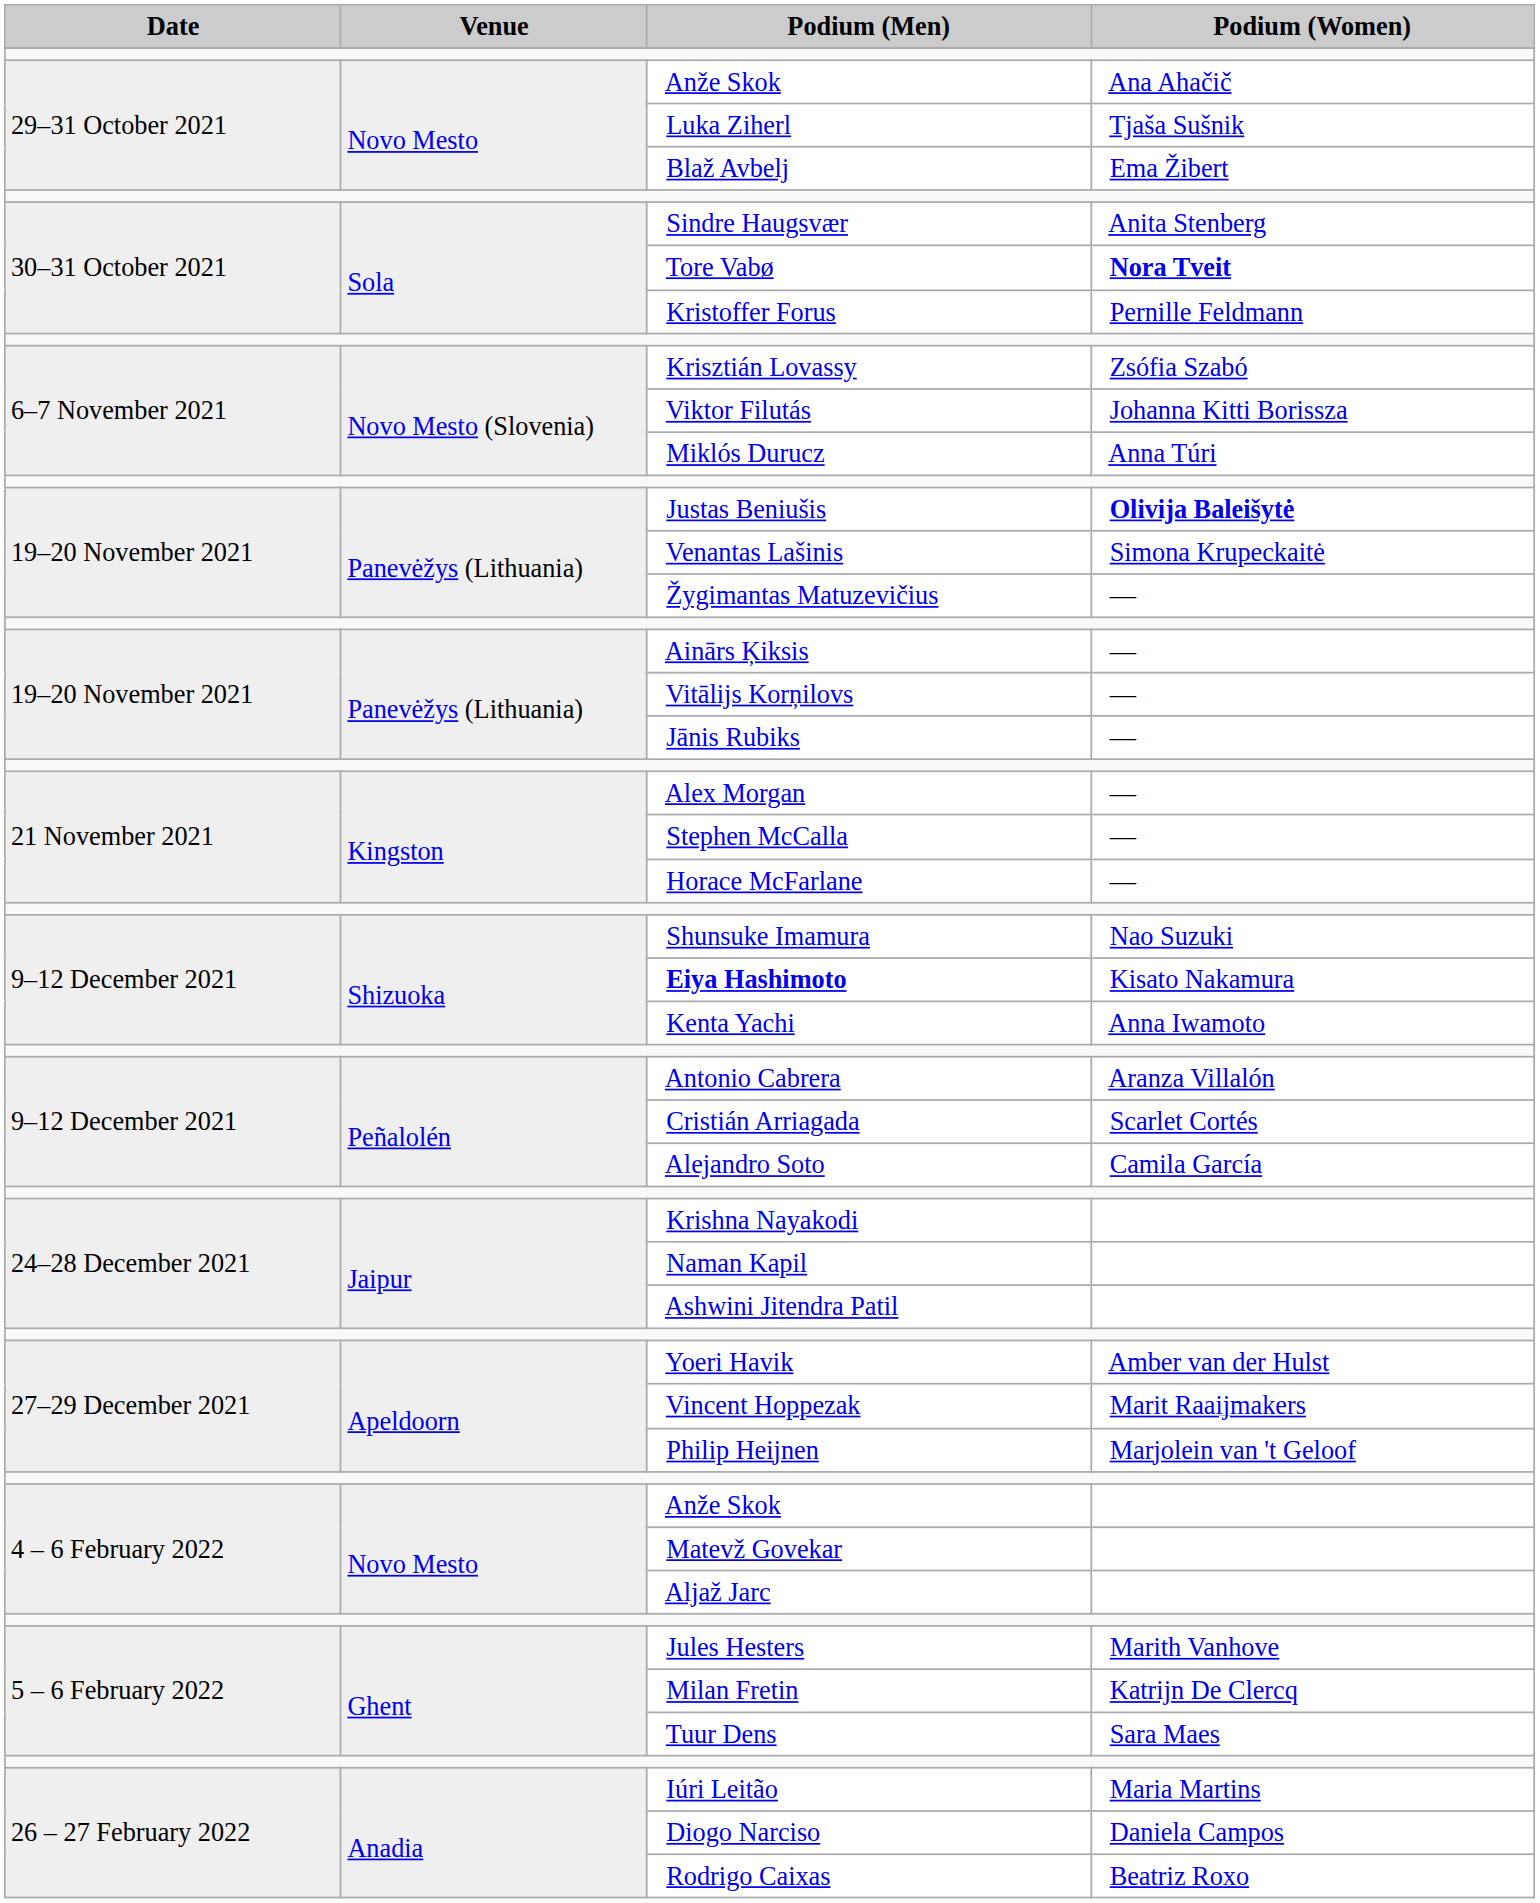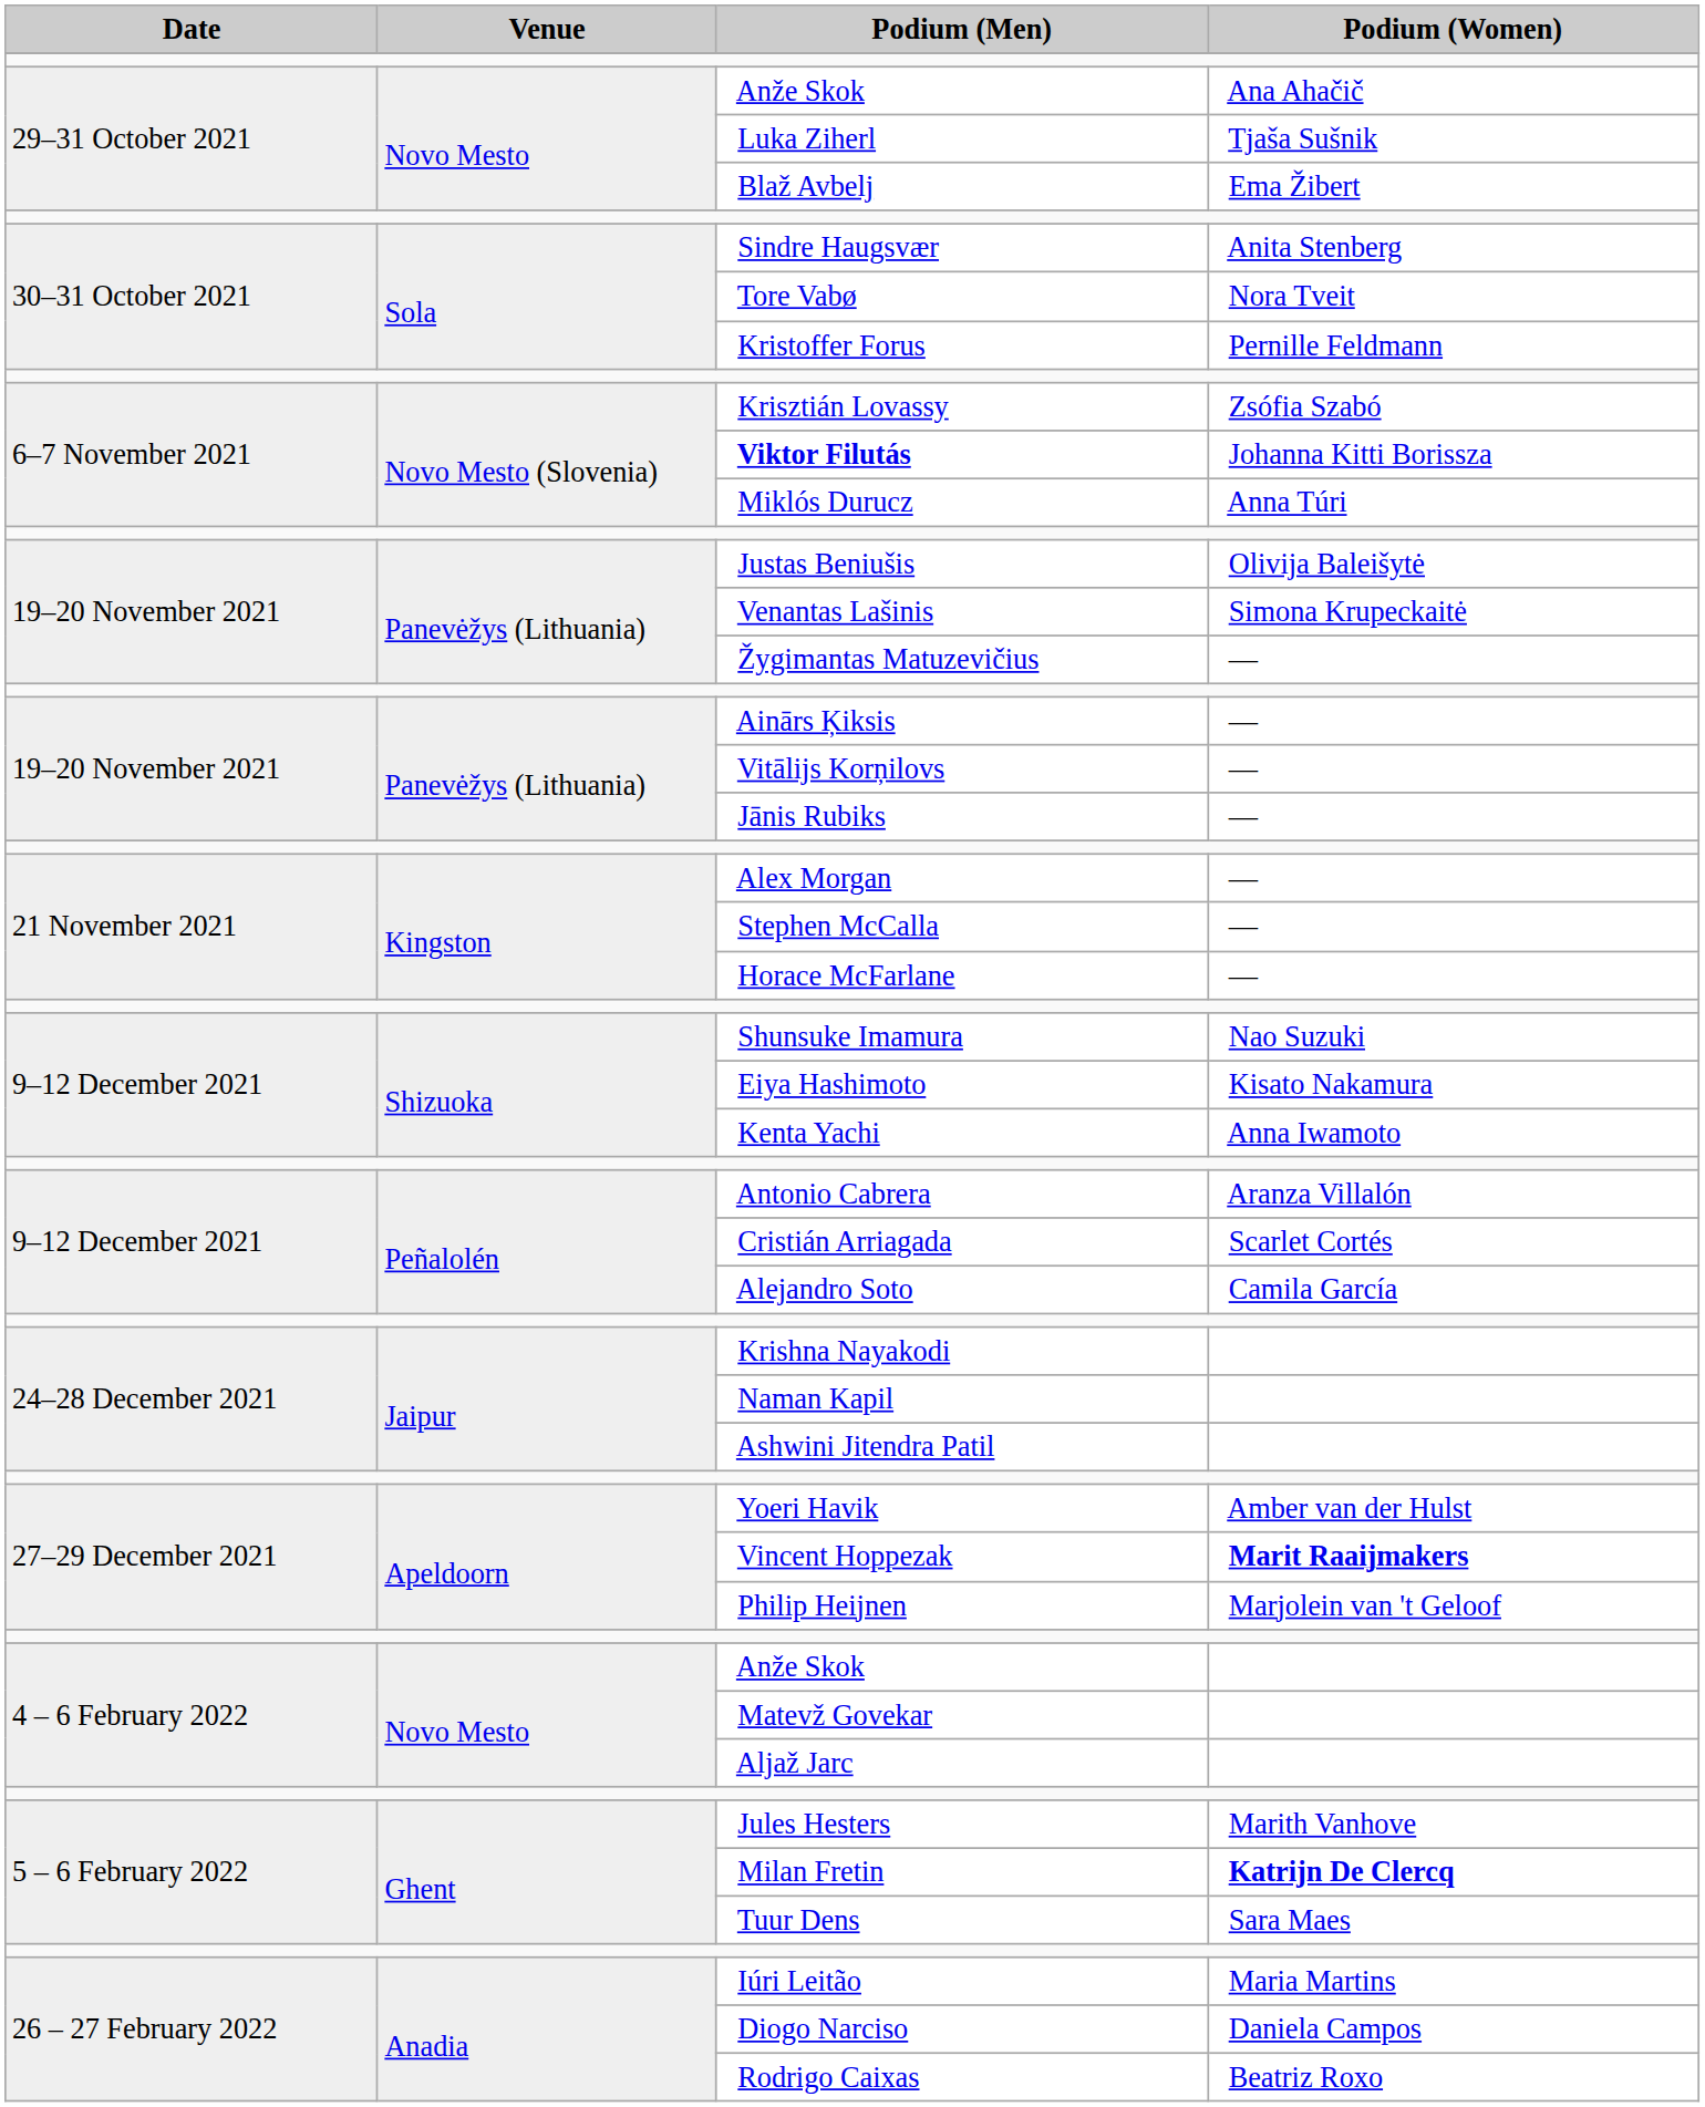 <table class="wikitable" width=70% bgcolor="#f7f8ff" cellpadding="3" cellspacing="0" border="1" style="font-size: 95%; border: gray solid 1px; border-collapse: collapse;">
 <tr bgcolor="#CCCCCC">
 <td align="center"><strong>Date</strong></td>
 <td width=20% align="center"><strong>Venue</strong></td>
 <td width=29% align="center"><strong>Podium (Men)</strong></td>
 <td width=29% align="center"><strong>Podium (Women)</strong></td>
 </tr>
 <tr bgcolor="#EFEFEF">
 </tr>
 <tr>
 <td colspan=4></td>
 </tr>
 <tr bgcolor="#EFEFEF">
 <td rowspan=3>29–31 October 2021</td>
 <td rowspan=3><br><a href='#'>Novo Mesto</a></td>
 <td bgcolor="#ffffff">   <a href='#'>Anže Skok</a></td>
 <td bgcolor="#ffffff">   <a href='#'>Ana Ahačič</a></td>
 </tr>
 <tr>
 <td bgcolor="#ffffff">   <a href='#'>Luka Ziherl</a></td>
 <td bgcolor="#ffffff">   <a href='#'>Tjaša Sušnik</a></td>
 </tr>
 <tr>
 <td bgcolor="#ffffff">   <a href='#'>Blaž Avbelj</a></td>
 <td bgcolor="#ffffff">   <a href='#'>Ema Žibert</a></td>
 </tr>
 <tr>
 <td colspan=4></td>
 </tr>
 <tr bgcolor="#EFEFEF">
 <td rowspan=3>30–31 October 2021</td>
 <td rowspan=3><br><a href='#'>Sola</a></td>
 <td bgcolor="#ffffff">   <a href='#'>Sindre Haugsvær</a></td>
 <td bgcolor="#ffffff">   <a href='#'>Anita Stenberg</a></td>
 </tr>
 <tr>
 <td bgcolor="#ffffff">   <a href='#'>Tore Vabø</a></td>
-<td bgcolor="#ffffff"><strong>   <a href='#'>Nora Tveit</a></strong></td>
+<td bgcolor="#ffffff">   <a href='#'>Nora Tveit</a></td>
 </tr>
 <tr>
 <td bgcolor="#ffffff">   <a href='#'>Kristoffer Forus</a></td>
 <td bgcolor="#ffffff">   <a href='#'>Pernille Feldmann</a></td>
 </tr>
 <tr>
 <td colspan=4></td>
 </tr>
 <tr bgcolor="#EFEFEF">
 <td rowspan=3>6–7 November 2021</td>
 <td rowspan=3><br><a href='#'>Novo Mesto</a> (Slovenia)</td>
 <td bgcolor="#ffffff">   <a href='#'>Krisztián Lovassy</a></td>
 <td bgcolor="#ffffff">   <a href='#'>Zsófia Szabó</a></td>
 </tr>
 <tr>
-<td bgcolor="#ffffff">   <a href='#'>Viktor Filutás</a></td>
+<td bgcolor="#ffffff"><strong>   <a href='#'>Viktor Filutás</a></strong></td>
 <td bgcolor="#ffffff">   <a href='#'>Johanna Kitti Borissza</a></td>
 </tr>
 <tr>
 <td bgcolor="#ffffff">   <a href='#'>Miklós Durucz</a></td>
 <td bgcolor="#ffffff">   <a href='#'>Anna Túri</a></td>
 </tr>
 <tr>
 <td colspan=4></td>
 </tr>
 <tr bgcolor="#EFEFEF">
 <td rowspan=3>19–20 November 2021</td>
 <td rowspan=3><br><a href='#'>Panevėžys</a> (Lithuania)</td>
 <td bgcolor="#ffffff">   <a href='#'>Justas Beniušis</a></td>
-<td bgcolor="#ffffff"><strong>   <a href='#'>Olivija Baleišytė</a></strong></td>
+<td bgcolor="#ffffff">   <a href='#'>Olivija Baleišytė</a></td>
 </tr>
 <tr>
 <td bgcolor="#ffffff">   <a href='#'>Venantas Lašinis</a></td>
 <td bgcolor="#ffffff">   <a href='#'>Simona Krupeckaitė</a></td>
 </tr>
 <tr>
 <td bgcolor="#ffffff">   <a href='#'>Žygimantas Matuzevičius</a></td>
 <td bgcolor="#ffffff">   —</td>
 </tr>
 <tr>
 <td colspan=4></td>
 </tr>
 <tr bgcolor="#EFEFEF">
 <td rowspan=3>19–20 November 2021</td>
 <td rowspan=3><br><a href='#'>Panevėžys</a> (Lithuania)</td>
 <td bgcolor="#ffffff">   <a href='#'>Ainārs Ķiksis</a></td>
 <td bgcolor="#ffffff">   —</td>
 </tr>
 <tr>
 <td bgcolor="#ffffff">   <a href='#'>Vitālijs Korņilovs</a></td>
 <td bgcolor="#ffffff">   —</td>
 </tr>
 <tr>
 <td bgcolor="#ffffff">   <a href='#'>Jānis Rubiks</a></td>
 <td bgcolor="#ffffff">   —</td>
 </tr>
 <tr>
 <td colspan=4></td>
 </tr>
 <tr bgcolor="#EFEFEF">
 <td rowspan=3>21 November 2021</td>
 <td rowspan=3><br><a href='#'>Kingston</a></td>
 <td bgcolor="#ffffff">   <a href='#'>Alex Morgan</a></td>
 <td bgcolor="#ffffff">   —</td>
 </tr>
 <tr>
 <td bgcolor="#ffffff">   <a href='#'>Stephen McCalla</a></td>
 <td bgcolor="#ffffff">   —</td>
 </tr>
 <tr>
 <td bgcolor="#ffffff">   <a href='#'>Horace McFarlane</a></td>
 <td bgcolor="#ffffff">   —</td>
 </tr>
 <tr>
 <td colspan=4></td>
 </tr>
 <tr bgcolor="#EFEFEF">
 <td rowspan=3>9–12 December 2021</td>
 <td rowspan=3><br><a href='#'>Shizuoka</a></td>
 <td bgcolor="#ffffff">   <a href='#'>Shunsuke Imamura</a></td>
 <td bgcolor="#ffffff">   <a href='#'>Nao Suzuki</a></td>
 </tr>
 <tr>
-<td bgcolor="#ffffff"><strong>   <a href='#'>Eiya Hashimoto</a></strong></td>
+<td bgcolor="#ffffff">   <a href='#'>Eiya Hashimoto</a></td>
 <td bgcolor="#ffffff">   <a href='#'>Kisato Nakamura</a></td>
 </tr>
 <tr>
 <td bgcolor="#ffffff">   <a href='#'>Kenta Yachi</a></td>
 <td bgcolor="#ffffff">   <a href='#'>Anna Iwamoto</a></td>
 </tr>
 <tr>
 <td colspan=4></td>
 </tr>
 <tr bgcolor="#EFEFEF">
 <td rowspan=3>9–12 December 2021</td>
 <td rowspan=3><br><a href='#'>Peñalolén</a></td>
 <td bgcolor="#ffffff">   <a href='#'>Antonio Cabrera</a></td>
 <td bgcolor="#ffffff">   <a href='#'>Aranza Villalón</a></td>
 </tr>
 <tr>
 <td bgcolor="#ffffff">   <a href='#'>Cristián Arriagada</a></td>
 <td bgcolor="#ffffff">   <a href='#'>Scarlet Cortés</a></td>
 </tr>
 <tr>
 <td bgcolor="#ffffff">   <a href='#'>Alejandro Soto</a></td>
 <td bgcolor="#ffffff">   <a href='#'>Camila García</a></td>
 </tr>
 <tr>
 <td colspan=4></td>
 </tr>
 <tr bgcolor="#EFEFEF">
 <td rowspan=3>24–28 December 2021</td>
 <td rowspan=3><br><a href='#'>Jaipur</a></td>
 <td bgcolor="#ffffff">   <a href='#'>Krishna Nayakodi</a></td>
 <td bgcolor="#ffffff">  </td>
 </tr>
 <tr>
 <td bgcolor="#ffffff">   <a href='#'>Naman Kapil</a></td>
 <td bgcolor="#ffffff">  </td>
 </tr>
 <tr>
 <td bgcolor="#ffffff">   <a href='#'>Ashwini Jitendra Patil</a></td>
 <td bgcolor="#ffffff">  </td>
 </tr>
 <tr>
 <td colspan=4></td>
 </tr>
 <tr bgcolor="#EFEFEF">
 <td rowspan=3>27–29 December 2021</td>
 <td rowspan=3><br><a href='#'>Apeldoorn</a></td>
 <td bgcolor="#ffffff">   <a href='#'>Yoeri Havik</a></td>
 <td bgcolor="#ffffff">   <a href='#'>Amber van der Hulst</a></td>
 </tr>
 <tr>
 <td bgcolor="#ffffff">   <a href='#'>Vincent Hoppezak</a></td>
-<td bgcolor="#ffffff">   <a href='#'>Marit Raaijmakers</a></td>
+<td bgcolor="#ffffff"><strong>   <a href='#'>Marit Raaijmakers</a></strong></td>
 </tr>
 <tr>
 <td bgcolor="#ffffff">   <a href='#'>Philip Heijnen</a></td>
 <td bgcolor="#ffffff">   <a href='#'>Marjolein van 't Geloof</a></td>
 </tr>
 <tr>
 <td colspan=4></td>
 </tr>
 <tr bgcolor="#EFEFEF">
 <td rowspan=3>4 – 6 February 2022</td>
 <td rowspan=3><br><a href='#'>Novo Mesto</a></td>
 <td bgcolor="#ffffff">   <a href='#'>Anže Skok</a></td>
 <td bgcolor="#ffffff">   <a href='#'></a></td>
 </tr>
 <tr>
 <td bgcolor="#ffffff">   <a href='#'>Matevž Govekar</a></td>
 <td bgcolor="#ffffff">   <a href='#'></a></td>
 </tr>
 <tr>
 <td bgcolor="#ffffff">   <a href='#'>Aljaž Jarc</a></td>
 <td bgcolor="#ffffff">   <a href='#'></a></td>
 </tr>
 <tr>
 <td colspan=4></td>
 </tr>
 <tr bgcolor="#EFEFEF">
 <td rowspan=3>5 – 6 February 2022</td>
 <td rowspan=3><br><a href='#'>Ghent</a></td>
 <td bgcolor="#ffffff">   <a href='#'>Jules Hesters</a></td>
 <td bgcolor="#ffffff">   <a href='#'>Marith Vanhove</a></td>
 </tr>
 <tr>
 <td bgcolor="#ffffff">   <a href='#'>Milan Fretin</a></td>
-<td bgcolor="#ffffff">   <a href='#'>Katrijn De Clercq</a></td>
+<td bgcolor="#ffffff"><strong>   <a href='#'>Katrijn De Clercq</a></strong></td>
 </tr>
 <tr>
 <td bgcolor="#ffffff">   <a href='#'>Tuur Dens</a></td>
 <td bgcolor="#ffffff">   <a href='#'>Sara Maes</a></td>
 </tr>
 <tr>
 <td colspan=4></td>
 </tr>
 <tr bgcolor="#EFEFEF">
 <td rowspan=3>26 – 27 February 2022</td>
 <td rowspan=3><br><a href='#'>Anadia</a></td>
 <td bgcolor="#ffffff">   <a href='#'>Iúri Leitão</a></td>
 <td bgcolor="#ffffff">   <a href='#'>Maria Martins</a></td>
 </tr>
 <tr>
 <td bgcolor="#ffffff">   <a href='#'>Diogo Narciso</a></td>
 <td bgcolor="#ffffff">   <a href='#'>Daniela Campos</a></td>
 </tr>
 <tr>
 <td bgcolor="#ffffff">   <a href='#'>Rodrigo Caixas</a></td>
 <td bgcolor="#ffffff">   <a href='#'>Beatriz Roxo</a></td>
 </tr>
 </table>
